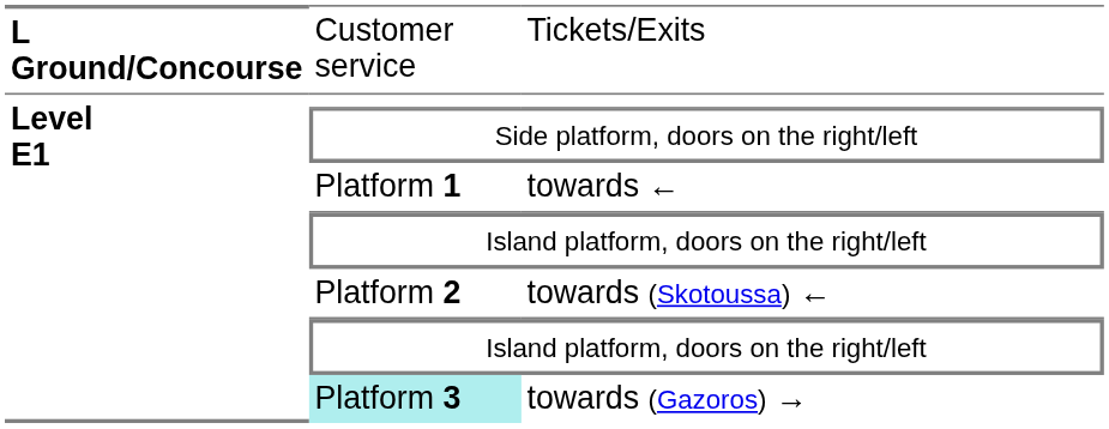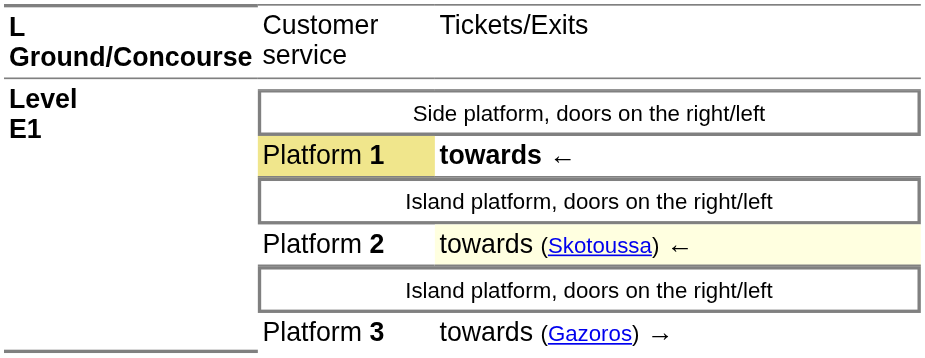 <table table border=0 cellspacing=0 cellpadding=3>
 <tr>
 <td style="border-bottom:solid 1px gray;border-top:solid 2px gray;" width=50 valign=top><strong>L<br>Ground/Concourse</strong></td>
 <td style="border-top:solid 1px gray;border-bottom:solid 1px gray;" width=100 valign=top>Customer service</td>
 <td style="border-top:solid 1px gray;border-bottom:solid 1px gray;" width=285 valign=top>Tickets/Exits</td>
 </tr>
 <tr>
 <td style="border-bottom:solid 2px gray;" rowspan=15 valign=top><strong>Level<br>Ε1</strong></td>
 <td style="border-bottom:solid 1px gray;"></td>
 <td style="border-bottom:solid 1px gray;"></td>
 </tr>
 <tr>
 <td style="border-top:solid 1px gray;border-right:solid 2px gray;border-left:solid 2px gray;border-bottom:solid 2px gray;text-align:center;" colspan=2><small>Side platform, doors on the right/left</small></td>
 </tr>
 <tr>
-<td style="border-bottom:solid 1px gray;">Platform <span><strong>1</strong></span></td>
-<td style="border-bottom:solid 1px gray;"> towards  <small></small> ←</td>
+<td style="background: khaki; border-bottom:solid 1px gray;">Platform <span><strong>1</strong></span></td>
+<td style="border-bottom:solid 1px gray;"><strong> towards  <small></small> ←</strong></td>
 </tr>
 <tr>
 <td style="border-top:solid 2px gray;border-right:solid 2px gray;border-left:solid 2px gray;border-bottom:solid 2px gray;text-align:center;" colspan=2><small>Island platform, doors on the right/left</small></td>
 </tr>
 <tr>
 <td style="border-bottom:solid 1px gray;">Platform <span><strong>2</strong></span></td>
-<td style="border-bottom:solid 1px gray;"> towards  <small>(<a href='#'>Skotoussa</a>)</small> ←</td>
+<td style="background: lightyellow; border-bottom:solid 1px gray;"> towards  <small>(<a href='#'>Skotoussa</a>)</small> ←</td>
 </tr>
 <tr>
 <td style="border-top:solid 2px gray;border-right:solid 2px gray;border-left:solid 2px gray;border-bottom:solid 2px gray;text-align:center;" colspan=2><small>Island platform, doors on the right/left</small></td>
 </tr>
 <tr>
-<td style="background: paleturquoise;">Platform <span><strong>3</strong></span></td>
+<td>Platform <span><strong>3</strong></span></td>
 <td> towards  <small>(<a href='#'>Gazoros</a>)</small> →</td>
 </tr>
 <tr>
 </tr>
 </table>
